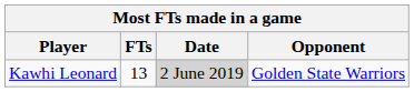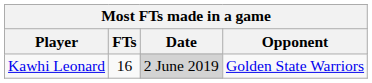 <table class="wikitable" style="text-align:center">
 <tr>
 <th colspan="4">Most FTs made in a game</th>
 </tr>
 <tr>
 <th>Player</th>
 <th>FTs</th>
 <th>Date</th>
 <th>Opponent</th>
 </tr>
 <tr>
 <td><a href='#'>Kawhi Leonard</a></td>
-<td>13</td>
+<td>16</td>
 <td style="background: lightgrey;">2 June 2019</td>
 <td><a href='#'>Golden State Warriors</a></td>
 </tr>
 </table>
